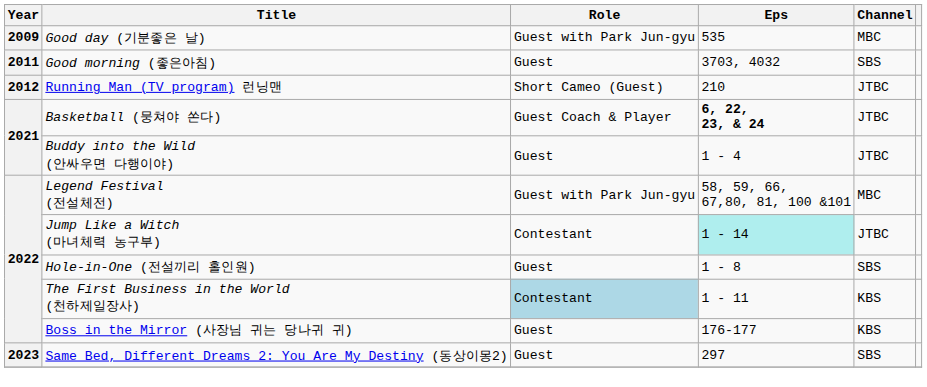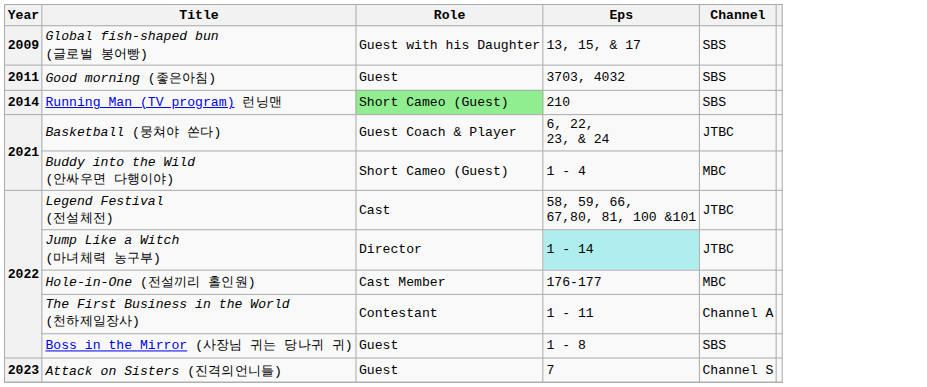 <table class="wikitable plainrowheaders">
 <tr>
 <th scope="col">Year</th>
 <th scope="col">Title</th>
 <th scope="col">Role</th>
 <th>Eps</th>
 <th>Channel</th>
 <th scope="col" class="unsortable"></th>
 </tr>
 <tr>
 <th>2009</th>
-<td><em>Good day</em> (기분좋은 날)</td>
-<td>Guest with Park Jun-gyu</td>
-<td>535</td>
-<td>MBC</td>
+<td><em>Global fish-shaped bun</em><br>(글로벌 봉어빵)</td>
+<td>Guest with his Daughter</td>
+<td>13, 15, & 17</td>
+<td>SBS</td>
 <td></td>
 </tr>
 <tr>
 <th>2011</th>
 <td><em>Good morning</em> (좋은아침)</td>
 <td>Guest</td>
 <td>3703, 4032</td>
 <td>SBS</td>
 <td></td>
 </tr>
 <tr>
-<th>2012</th>
+<th>2014</th>
 <td><a href='#'>Running Man (TV program)</a> 런닝맨</td>
-<td>Short Cameo (Guest)</td>
+<td style="background: lightgreen;">Short Cameo (Guest)</td>
 <td>210</td>
-<td>JTBC</td>
+<td>SBS</td>
 <td></td>
 </tr>
 <tr>
 <th rowspan="2">2021</th>
 <td><em>Basketball</em> (뭉쳐야 쏜다)</td>
 <td>Guest Coach & Player</td>
-<td><strong>6, 22,<br>23, & 24</strong></td>
+<td>6, 22,<br>23, & 24</td>
 <td>JTBC</td>
 <td></td>
 </tr>
 <tr>
 <td><em>Buddy into the Wild</em><br>(안싸우면 다행이야)</td>
-<td>Guest</td>
+<td>Short Cameo (Guest)</td>
 <td>1 - 4</td>
-<td>JTBC</td>
+<td>MBC</td>
 <td></td>
 </tr>
 <tr>
 <th rowspan="5">2022</th>
 <td><em>Legend Festival</em><br>(전설체전)</td>
-<td>Guest with Park Jun-gyu</td>
+<td>Cast</td>
 <td>58, 59, 66,<br>67,80, 81, 100 &101</td>
-<td>MBC</td>
+<td>JTBC</td>
 <td></td>
 </tr>
 <tr>
 <td><em>Jump Like a Witch</em><br>(마녀체력 농구부)</td>
-<td>Contestant</td>
+<td>Director</td>
 <td style="background: paleturquoise;">1 - 14</td>
 <td>JTBC</td>
 <td></td>
 </tr>
 <tr>
 <td><em>Hole-in-One</em> (전설끼리 홀인원)</td>
+<td>Cast Member</td>
+<td>176-177</td>
+<td>MBC</td>
+<td></td>
+</tr>
+<tr>
+<td><em>The First Business in the World</em><br>(천하제일장사)</td>
+<td>Contestant</td>
+<td>1 - 11</td>
+<td>Channel A</td>
+<td></td>
+</tr>
+<tr>
+<td><a href='#'>Boss in the Mirror</a> (사장님 귀는 당나귀 귀)</td>
 <td>Guest</td>
 <td>1 - 8</td>
 <td>SBS</td>
 <td></td>
 </tr>
 <tr>
-<td><em>The First Business in the World</em><br>(천하제일장사)</td>
-<td style="background: lightblue;">Contestant</td>
-<td>1 - 11</td>
-<td>KBS</td>
-<td></td>
-</tr>
-<tr>
-<td><a href='#'>Boss in the Mirror</a> (사장님 귀는 당나귀 귀)</td>
+<th>2023</th>
+<td><em>Attack on Sisters</em> (진격의언니들)</td>
 <td>Guest</td>
-<td>176-177</td>
-<td>KBS</td>
-<td></td>
-</tr>
-<tr>
-<th>2023</th>
-<td><a href='#'>Same Bed, Different Dreams 2: You Are My Destiny</a> (동상이몽2)</td>
-<td>Guest</td>
-<td>297</td>
-<td>SBS</td>
+<td>7</td>
+<td>Channel S</td>
 <td></td>
 </tr>
 <tr>
 </tr>
 </table>
